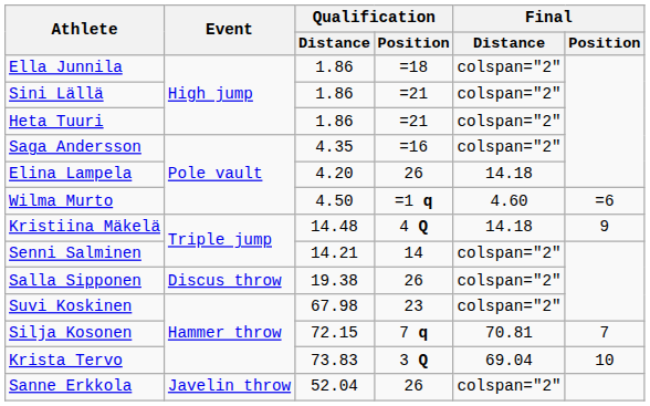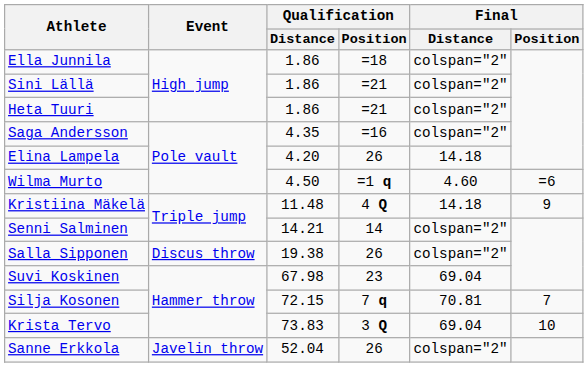 <table class="wikitable" style="font-size:90%">
 <tr>
 <th rowspan="2">Athlete</th>
 <th rowspan="2">Event</th>
 <th colspan="2">Qualification</th>
 <th colspan="2">Final</th>
 </tr>
 <tr style="font-size:95%">
 <th>Distance</th>
 <th>Position</th>
 <th>Distance</th>
 <th>Position</th>
 </tr>
 <tr align="center">
 <td align="left"><a href='#'>Ella Junnila</a></td>
 <td rowspan="3" align="left"><a href='#'>High jump</a></td>
 <td>1.86</td>
 <td>=18</td>
 <td>colspan="2" </td>
 </tr>
 <tr align="center">
 <td align="left"><a href='#'>Sini Lällä</a></td>
 <td>1.86</td>
 <td>=21</td>
 <td>colspan="2" </td>
 </tr>
 <tr align="center">
 <td align="left"><a href='#'>Heta Tuuri</a></td>
 <td>1.86</td>
 <td>=21</td>
 <td>colspan="2" </td>
 </tr>
 <tr align="center">
 <td align="left"><a href='#'>Saga Andersson</a></td>
 <td rowspan="3" align="left"><a href='#'>Pole vault</a></td>
 <td>4.35</td>
 <td>=16</td>
 <td>colspan="2" </td>
 </tr>
 <tr align="center">
 <td align="left"><a href='#'>Elina Lampela</a></td>
 <td>4.20</td>
 <td>26</td>
 <td>14.18</td>
 </tr>
 <tr align="center">
 <td align="left"><a href='#'>Wilma Murto</a></td>
 <td>4.50</td>
 <td>=1 <strong>q</strong></td>
 <td>4.60 </td>
 <td>=6</td>
 </tr>
 <tr align="center">
 <td align="left"><a href='#'>Kristiina Mäkelä</a></td>
 <td rowspan="2" align="left"><a href='#'>Triple jump</a></td>
-<td>14.48 </td>
+<td>11.48 </td>
 <td>4 <strong>Q</strong></td>
 <td>14.18</td>
 <td>9</td>
 </tr>
 <tr align="center">
 <td align="left"><a href='#'>Senni Salminen</a></td>
 <td>14.21</td>
 <td>14</td>
 <td>colspan="2" </td>
 </tr>
 <tr align="center">
 <td align="left"><a href='#'>Salla Sipponen</a></td>
 <td align="left"><a href='#'>Discus throw</a></td>
 <td>19.38</td>
 <td>26</td>
 <td>colspan="2" </td>
 </tr>
 <tr align="center">
 <td align="left"><a href='#'>Suvi Koskinen</a></td>
 <td rowspan="3" align="left"><a href='#'>Hammer throw</a></td>
 <td>67.98</td>
 <td>23</td>
-<td>colspan="2" </td>
+<td>69.04</td>
 </tr>
 <tr align="center">
 <td align="left"><a href='#'>Silja Kosonen</a></td>
 <td>72.15</td>
 <td>7 <strong>q</strong></td>
 <td>70.81</td>
 <td>7</td>
 </tr>
 <tr align="center">
 <td align="left"><a href='#'>Krista Tervo</a></td>
 <td>73.83</td>
 <td>3 <strong>Q</strong></td>
 <td>69.04</td>
 <td>10</td>
 </tr>
 <tr align="center">
 <td align="left"><a href='#'>Sanne Erkkola</a></td>
 <td rowspan="1" align="left"><a href='#'>Javelin throw</a></td>
 <td>52.04</td>
 <td>26</td>
 <td>colspan="2" </td>
 </tr>
 </table>
